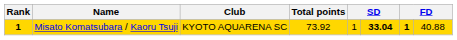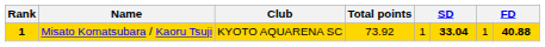 <table class="wikitable sortable">
 <tr>
 <th>Rank</th>
 <th>Name</th>
 <th>Club</th>
 <th>Total points</th>
 <th colspan="2" width="80px"><a href='#'>SD</a></th>
 <th colspan="2" width="80px"><a href='#'>FD</a></th>
 </tr>
 <tr bgcolor="gold">
 <td align="center"><strong>1</strong></td>
 <td><a href='#'>Misato Komatsubara</a> / <a href='#'>Kaoru Tsuji</a></td>
 <td>KYOTO AQUARENA SC</td>
 <td align="center">73.92</td>
 <td align="center">1</td>
 <td align="center"><strong>33.04</strong></td>
-<td align="center"><strong>1</strong></td>
-<td align="center">40.88</td>
+<td align="center">1</td>
+<td align="center"><strong>40.88</strong></td>
 </tr>
 </table>
